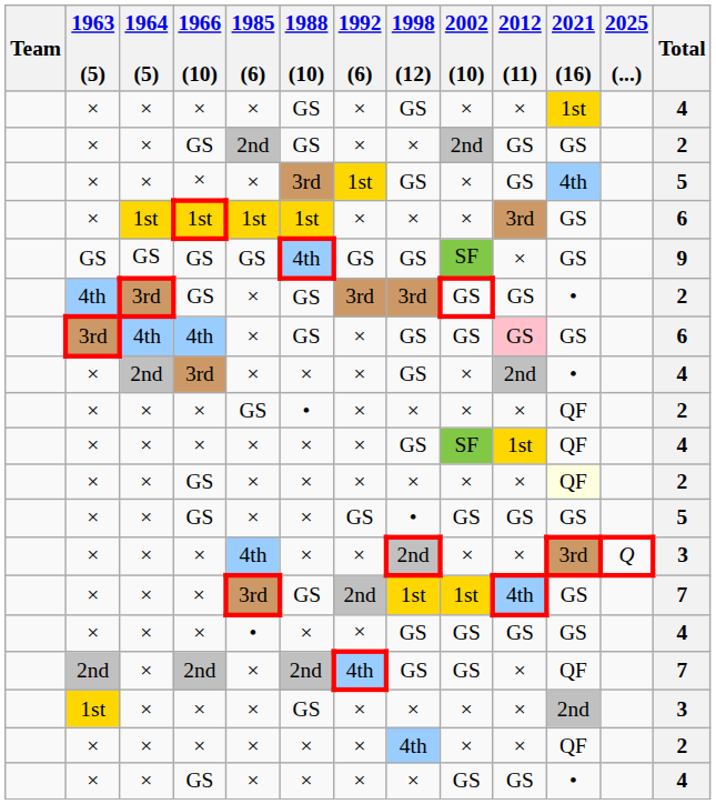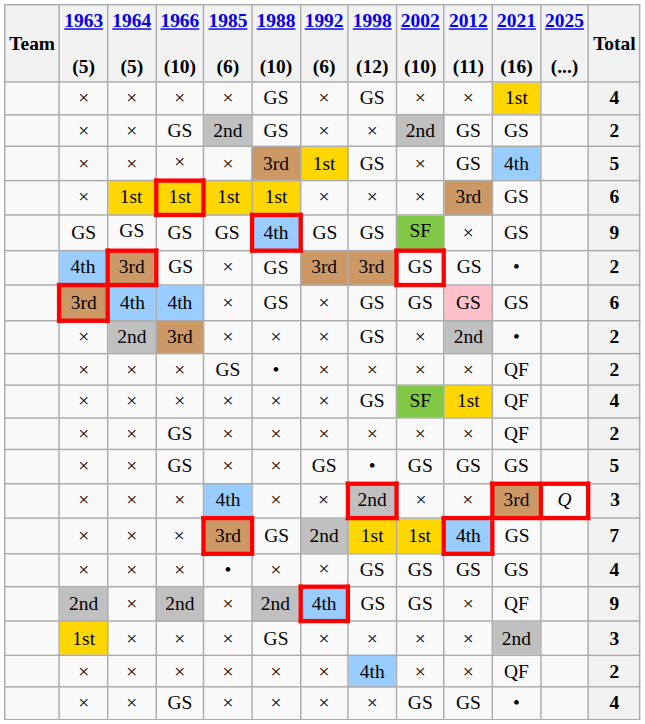 <table class="wikitable" style="text-align:center; font-size:85%;">
 <tr>
 <th>Team</th>
 <th><a href='#'>1963</a><br><br>(5)</th>
 <th><a href='#'>1964</a><br><br>(5)</th>
 <th><a href='#'>1966</a><br><br>(10)</th>
 <th><a href='#'>1985</a><br><br>(6)</th>
 <th><a href='#'>1988</a><br><br>(10)</th>
 <th><a href='#'>1992</a><br><br>(6)</th>
 <th><a href='#'>1998</a><br><br>(12)</th>
 <th><a href='#'>2002</a><br><br>(10)</th>
 <th><a href='#'>2012</a><br><br>(11)</th>
 <th><a href='#'>2021</a><br><br>(16)</th>
 <th><a href='#'>2025</a><br><br>(...)</th>
 <th>Total</th>
 </tr>
 <tr>
 <td id="ALG" align=left></td>
 <td>×</td>
 <td>×</td>
 <td>×</td>
 <td>×</td>
 <td>GS</td>
 <td>×</td>
 <td>GS</td>
 <td>×</td>
 <td>×</td>
 <td style="background-color:gold;">1st</td>
 <td></td>
 <th>4</th>
 </tr>
 <tr>
 <td id="BHR" align=left></td>
 <td>×</td>
 <td>×</td>
 <td>GS</td>
 <td style="background-color:silver;">2nd</td>
 <td>GS</td>
 <td>×</td>
 <td>×</td>
 <td style="background-color:silver;">2nd</td>
 <td>GS</td>
 <td>GS</td>
 <td></td>
 <th>2</th>
 </tr>
 <tr>
 <td id="EGY" align=left></td>
 <td>×</td>
 <td>×</td>
 <td>×</td>
 <td>×</td>
 <td style="background-color:#cc9966;">3rd</td>
 <td style="background-color:gold;">1st</td>
 <td>GS</td>
 <td>×</td>
 <td>GS</td>
 <td style="background-color:#9acdff;">4th</td>
 <td></td>
 <th>5</th>
 </tr>
 <tr>
 <td id="IRQ" align=left></td>
 <td>×</td>
 <td style="background-color:gold;">1st</td>
 <td style="border: 3px solid red;background-color:gold;">1st</td>
 <td style="background-color:gold;">1st</td>
 <td style="background-color:gold;">1st</td>
 <td>×</td>
 <td>×</td>
 <td>×</td>
 <td style="background-color:#cc9966;">3rd</td>
 <td>GS</td>
 <td></td>
 <th>6</th>
 </tr>
 <tr>
 <td id="JOR" align=left></td>
 <td>GS</td>
 <td>GS</td>
 <td>GS</td>
 <td>GS</td>
 <td style="border: 3px solid red;background-color:#9acdff;">4th</td>
 <td>GS</td>
 <td>GS</td>
 <td style="background-color:#81c846;">SF</td>
 <td>×</td>
 <td>GS</td>
 <td></td>
 <th>9</th>
 </tr>
 <tr>
 <td id="KUW" align=left></td>
 <td style="background-color:#9acdff;">4th</td>
 <td style="border: 3px solid red;background-color:#cc9966;">3rd</td>
 <td>GS</td>
 <td>×</td>
 <td>GS</td>
 <td style="background-color:#cc9966;">3rd</td>
 <td style="background-color:#cc9966;">3rd</td>
 <td style="border: 3px solid red">GS</td>
 <td>GS</td>
 <td>•</td>
 <td></td>
 <th>2</th>
 </tr>
 <tr>
 <td id="LBN" align=left></td>
 <td style="border: 3px solid red;background-color:#cc9966;">3rd</td>
 <td style="background-color:#9acdff;">4th</td>
 <td style="background-color:#9acdff;">4th</td>
 <td>×</td>
 <td>GS</td>
 <td>×</td>
 <td>GS</td>
 <td>GS</td>
 <td style="background: pink;">GS</td>
 <td>GS</td>
 <td></td>
 <th>6</th>
 </tr>
 <tr>
 <td id="LBY" align=left></td>
 <td>×</td>
 <td style="background-color:silver;">2nd</td>
 <td style="background-color:#cc9966;">3rd</td>
 <td>×</td>
 <td>×</td>
 <td>×</td>
 <td>GS</td>
 <td>×</td>
 <td style="background-color:silver;">2nd</td>
 <td>•</td>
 <td></td>
-<th>4</th>
+<th>2</th>
 </tr>
 <tr>
 <td id="MTN" align=left></td>
 <td>×</td>
 <td>×</td>
 <td>×</td>
 <td>GS</td>
 <td>•</td>
 <td>×</td>
 <td>×</td>
 <td>×</td>
 <td>×</td>
 <td>QF</td>
 <td></td>
 <th>2</th>
 </tr>
 <tr>
 <td id="MAR" align=left></td>
 <td>×</td>
 <td>×</td>
 <td>×</td>
 <td>×</td>
 <td>×</td>
 <td>×</td>
 <td>GS</td>
 <td style="background-color:#81c846;">SF</td>
 <td style="background-color:gold;">1st</td>
 <td>QF</td>
 <td></td>
 <th>4</th>
 </tr>
 <tr>
 <td id="OMA" align=left></td>
 <td>×</td>
 <td>×</td>
 <td>GS</td>
 <td>×</td>
 <td>×</td>
 <td>×</td>
 <td>×</td>
 <td>×</td>
 <td>×</td>
-<td style="background: lightyellow;">QF</td>
+<td>QF</td>
 <td></td>
 <th>2</th>
 </tr>
 <tr>
 <td id="PLE" align=left></td>
 <td>×</td>
 <td>×</td>
 <td>GS</td>
 <td>×</td>
 <td>×</td>
 <td>GS</td>
 <td>•</td>
 <td>GS</td>
 <td>GS</td>
 <td>GS</td>
 <td></td>
 <th>5</th>
 </tr>
 <tr>
 <td id="QAT" align=left></td>
 <td>×</td>
 <td>×</td>
 <td>×</td>
 <td style="background-color:#9acdff;">4th</td>
 <td>×</td>
 <td>×</td>
 <td style="border: 3px solid red;background-color:silver;">2nd</td>
 <td>×</td>
 <td>×</td>
 <td style="border: 3px solid red; background-color:#cc9966;">3rd</td>
 <td style="border: 3px solid red;"><em>Q</em></td>
 <th>3</th>
 </tr>
 <tr>
 <td id="KSA" align=left></td>
 <td>×</td>
 <td>×</td>
 <td>×</td>
 <td style="border: 3px solid red;background-color:#cc9966;">3rd</td>
 <td>GS</td>
 <td style="background-color:silver;">2nd</td>
 <td style="background-color:gold;">1st</td>
 <td style="background-color:gold;">1st</td>
 <td style="border: 3px solid red;background-color:#9acdff;">4th</td>
 <td>GS</td>
 <td></td>
 <th>7</th>
 </tr>
 <tr>
 <td id="SUD" align=left></td>
 <td>×</td>
 <td>×</td>
 <td>×</td>
 <td>•</td>
 <td>×</td>
 <td>×</td>
 <td>GS</td>
 <td>GS</td>
 <td>GS</td>
 <td>GS</td>
 <td></td>
 <th>4</th>
 </tr>
 <tr>
 <td id="SYR" align=left></td>
 <td style="background-color:silver;">2nd</td>
 <td>×</td>
 <td style="background-color:silver;">2nd</td>
 <td>×</td>
 <td style="background-color:silver;">2nd</td>
 <td style="border: 3px solid red;background-color:#9acdff;">4th</td>
 <td>GS</td>
 <td>GS</td>
 <td>×</td>
 <td>QF</td>
 <td></td>
-<th>7</th>
+<th>9</th>
 </tr>
 <tr>
 <td id="TUN" align=left></td>
 <td style="background-color:gold;">1st</td>
 <td>×</td>
 <td>×</td>
 <td>×</td>
 <td>GS</td>
 <td>×</td>
 <td>×</td>
 <td>×</td>
 <td>×</td>
 <td style="background-color:silver;">2nd</td>
 <td></td>
 <th>3</th>
 </tr>
 <tr>
 <td id="UAE" align=left></td>
 <td>×</td>
 <td>×</td>
 <td>×</td>
 <td>×</td>
 <td>×</td>
 <td>×</td>
 <td style="background-color:#9acdff;">4th</td>
 <td>×</td>
 <td>×</td>
 <td>QF</td>
 <td></td>
 <th>2</th>
 </tr>
 <tr>
 <td id="YEM" align=left></td>
 <td>×</td>
 <td>×</td>
 <td>GS</td>
 <td>×</td>
 <td>×</td>
 <td>×</td>
 <td>×</td>
 <td>GS</td>
 <td>GS</td>
 <td>•</td>
 <td></td>
 <th>4</th>
 </tr>
 </table>
